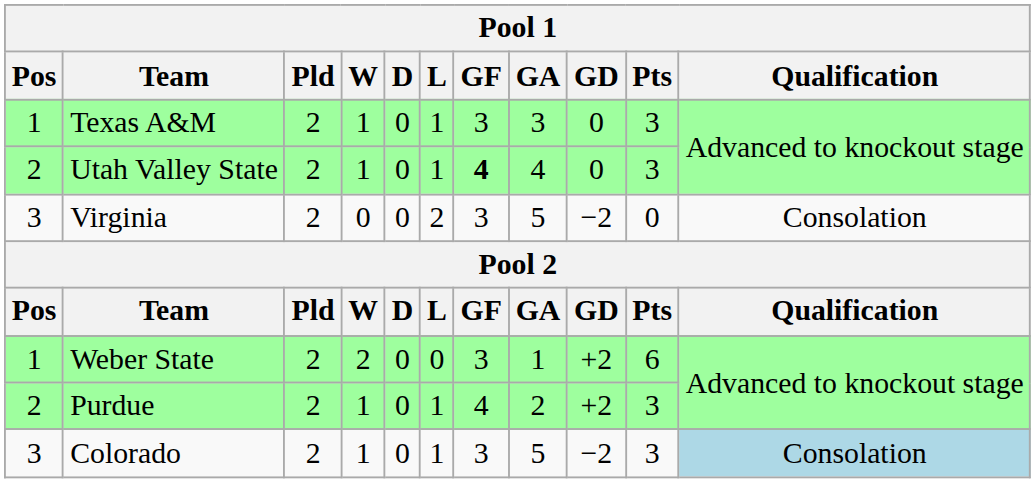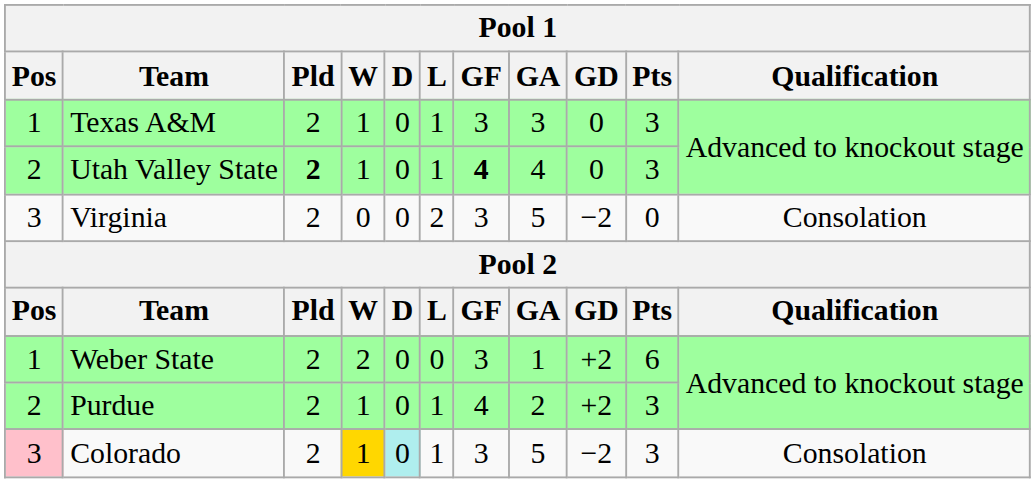 <table class="wikitable" style="text-align:center">
 <tr>
 <th colspan="11">Pool 1</th>
 </tr>
 <tr>
 <th>Pos</th>
 <th>Team</th>
 <th>Pld</th>
 <th>W</th>
 <th>D</th>
 <th>L</th>
 <th>GF</th>
 <th>GA</th>
 <th>GD</th>
 <th>Pts</th>
 <th>Qualification</th>
 </tr>
 <tr bgcolor="#9eff9e">
 <td>1</td>
 <td style="text-align:left">Texas A&M</td>
 <td>2</td>
 <td>1</td>
 <td>0</td>
 <td>1</td>
 <td>3</td>
 <td>3</td>
 <td>0</td>
 <td>3</td>
 <td rowspan="2">Advanced to knockout stage</td>
 </tr>
 <tr bgcolor="#9eff9e">
 <td>2</td>
 <td style="text-align:left">Utah Valley State</td>
-<td>2</td>
+<td><strong>2</strong></td>
 <td>1</td>
 <td>0</td>
 <td>1</td>
 <td><strong>4</strong></td>
 <td>4</td>
 <td>0</td>
 <td>3</td>
 </tr>
 <tr>
 <td>3</td>
 <td style="text-align:left">Virginia</td>
 <td>2</td>
 <td>0</td>
 <td>0</td>
 <td>2</td>
 <td>3</td>
 <td>5</td>
 <td>−2</td>
 <td>0</td>
 <td>Consolation</td>
 </tr>
 <tr>
 <th colspan="11">Pool 2</th>
 </tr>
 <tr>
 <th>Pos</th>
 <th>Team</th>
 <th>Pld</th>
 <th>W</th>
 <th>D</th>
 <th>L</th>
 <th>GF</th>
 <th>GA</th>
 <th>GD</th>
 <th>Pts</th>
 <th>Qualification</th>
 </tr>
 <tr bgcolor="#9eff9e">
 <td>1</td>
 <td style="text-align:left">Weber State</td>
 <td>2</td>
 <td>2</td>
 <td>0</td>
 <td>0</td>
 <td>3</td>
 <td>1</td>
 <td>+2</td>
 <td>6</td>
 <td rowspan="2">Advanced to knockout stage</td>
 </tr>
 <tr bgcolor="#9eff9e">
 <td>2</td>
 <td style="text-align:left">Purdue</td>
 <td>2</td>
 <td>1</td>
 <td>0</td>
 <td>1</td>
 <td>4</td>
 <td>2</td>
 <td>+2</td>
 <td>3</td>
 </tr>
 <tr>
-<td>3</td>
+<td style="background: pink;">3</td>
 <td style="text-align:left">Colorado</td>
 <td>2</td>
-<td>1</td>
-<td>0</td>
+<td style="background: gold;">1</td>
+<td style="background: paleturquoise;">0</td>
 <td>1</td>
 <td>3</td>
 <td>5</td>
 <td>−2</td>
 <td>3</td>
-<td style="background: lightblue;">Consolation</td>
+<td>Consolation</td>
 </tr>
 </table>
